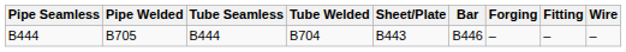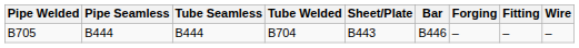 <table class="wikitable">
 <tr>
+<th>Pipe Welded</th>
 <th>Pipe Seamless</th>
-<th>Pipe Welded</th>
 <th>Tube Seamless</th>
 <th>Tube Welded</th>
 <th>Sheet/Plate</th>
 <th>Bar</th>
 <th>Forging</th>
 <th>Fitting</th>
 <th>Wire</th>
 </tr>
 <tr>
+<td>B705</td>
 <td>B444</td>
-<td>B705</td>
 <td>B444</td>
 <td>B704</td>
 <td>B443</td>
 <td>B446</td>
 <td>–</td>
 <td>–</td>
 <td>–</td>
 </tr>
 </table>
